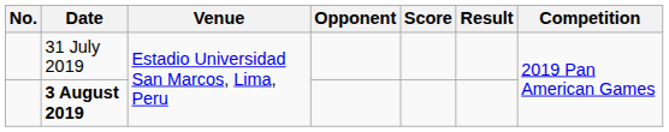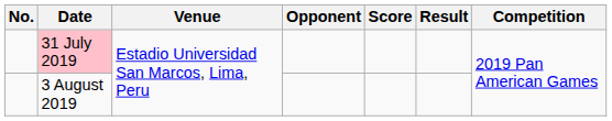 <table class="wikitable">
 <tr>
 <th>No.</th>
 <th>Date</th>
 <th>Venue</th>
 <th>Opponent</th>
 <th>Score</th>
 <th>Result</th>
 <th>Competition</th>
 </tr>
 <tr>
 <td></td>
-<td>31 July 2019</td>
+<td style="background: pink;">31 July 2019</td>
 <td rowspan=2><a href='#'>Estadio Universidad San Marcos</a>, <a href='#'>Lima</a>, <a href='#'>Peru</a></td>
 <td></td>
 <td></td>
 <td></td>
 <td rowspan=2><a href='#'>2019 Pan American Games</a></td>
 </tr>
 <tr>
 <td></td>
-<td><strong>3 August 2019</strong></td>
+<td>3 August 2019</td>
 <td></td>
 <td></td>
 <td></td>
 </tr>
 </table>
